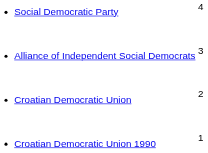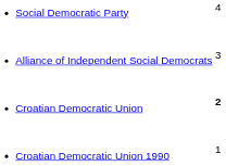 <table>
 <tr>
 <td><br><ul><li><a href='#'>Social Democratic Party</a></li></ul></td>
 <td><div>4</div></td>
 </tr>
 <tr>
 <td><br><ul><li><a href='#'>Alliance of Independent Social Democrats</a></li></ul></td>
 <td><div>3</div></td>
 </tr>
 <tr>
 <td><br><ul><li><a href='#'>Croatian Democratic Union</a></li></ul></td>
-<td><div>2</div></td>
+<td><strong><div>2</div></strong></td>
 </tr>
 <tr>
 <td><br><ul><li><a href='#'>Croatian Democratic Union 1990</a></li></ul></td>
 <td><div>1</div></td>
 </tr>
 </table>
